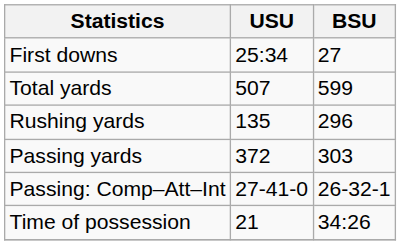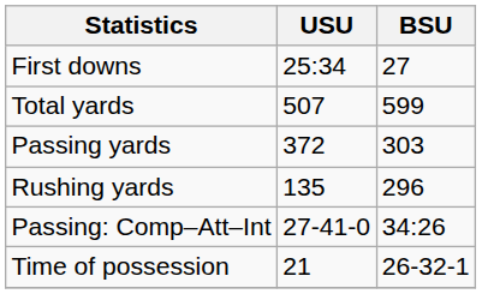 <table class="wikitable" style="float: left;">
 <tr>
 <th>Statistics</th>
 <th>USU</th>
 <th>BSU</th>
 </tr>
 <tr>
 <td>First downs</td>
 <td>25:34</td>
 <td>27</td>
 </tr>
 <tr>
 <td>Total yards</td>
 <td>507</td>
 <td>599</td>
 </tr>
 <tr>
+<td>Passing yards</td>
+<td>372</td>
+<td>303</td>
+</tr>
+<tr>
 <td>Rushing yards</td>
 <td>135</td>
 <td>296</td>
 </tr>
 <tr>
-<td>Passing yards</td>
-<td>372</td>
-<td>303</td>
-</tr>
-<tr>
 <td>Passing: Comp–Att–Int</td>
 <td>27-41-0</td>
-<td>26-32-1</td>
+<td>34:26</td>
 </tr>
 <tr>
 <td>Time of possession</td>
 <td>21</td>
-<td>34:26</td>
+<td>26-32-1</td>
 </tr>
 <tr>
 </tr>
 </table>
